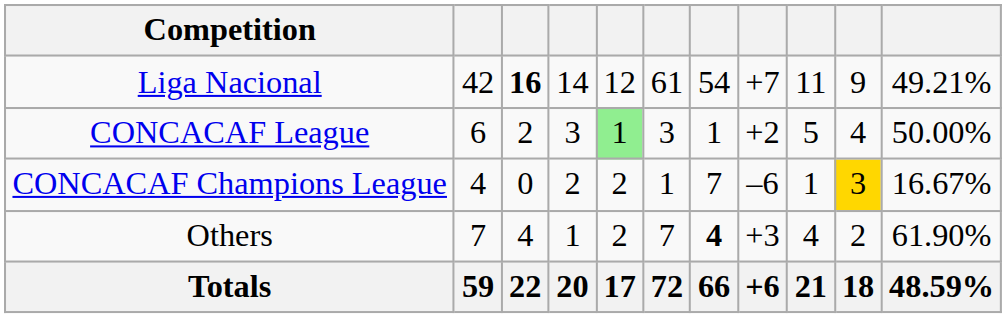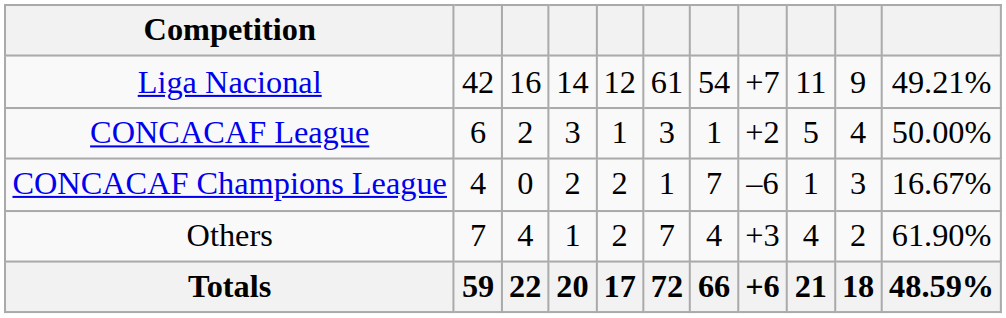 <table class="wikitable">
 <tr>
 <th>Competition</th>
 <th></th>
 <th></th>
 <th></th>
 <th></th>
 <th></th>
 <th></th>
 <th></th>
 <th></th>
 <th></th>
 <th></th>
 </tr>
 <tr align=center>
 <td><a href='#'>Liga Nacional</a></td>
 <td>42</td>
-<td><strong>16</strong></td>
+<td>16</td>
 <td>14</td>
 <td>12</td>
 <td>61</td>
 <td>54</td>
 <td>+7</td>
 <td>11</td>
 <td>9</td>
 <td>49.21%</td>
 </tr>
 <tr align=center>
 <td><a href='#'>CONCACAF League</a></td>
 <td>6</td>
 <td>2</td>
 <td>3</td>
-<td style="background: lightgreen;">1</td>
+<td>1</td>
 <td>3</td>
 <td>1</td>
 <td>+2</td>
 <td>5</td>
 <td>4</td>
 <td>50.00%</td>
 </tr>
 <tr align=center>
 <td><a href='#'>CONCACAF Champions League</a></td>
 <td>4</td>
 <td>0</td>
 <td>2</td>
 <td>2</td>
 <td>1</td>
 <td>7</td>
 <td>–6</td>
 <td>1</td>
-<td style="background: gold;">3</td>
+<td>3</td>
 <td>16.67%</td>
 </tr>
 <tr align=center>
 <td>Others</td>
 <td>7</td>
 <td>4</td>
 <td>1</td>
 <td>2</td>
 <td>7</td>
-<td><strong>4</strong></td>
+<td>4</td>
 <td>+3</td>
 <td>4</td>
 <td>2</td>
 <td>61.90%</td>
 </tr>
 <tr>
 <th>Totals</th>
 <th>59</th>
 <th>22</th>
 <th>20</th>
 <th>17</th>
 <th>72</th>
 <th>66</th>
 <th>+6</th>
 <th>21</th>
 <th>18</th>
 <th>48.59%</th>
 </tr>
 </table>
